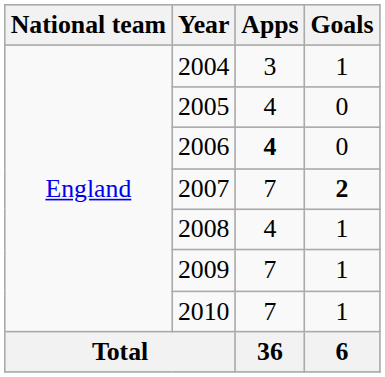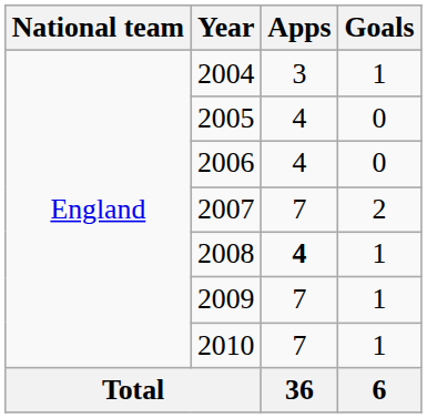 <table class="wikitable" style="text-align: center;">
 <tr>
 <th>National team</th>
 <th>Year</th>
 <th>Apps</th>
 <th>Goals</th>
 </tr>
 <tr>
 <td rowspan="7"><a href='#'>England</a></td>
 <td>2004</td>
 <td>3</td>
 <td>1</td>
 </tr>
 <tr>
 <td>2005</td>
 <td>4</td>
 <td>0</td>
 </tr>
 <tr>
 <td>2006</td>
-<td><strong>4</strong></td>
+<td>4</td>
 <td>0</td>
 </tr>
 <tr>
 <td>2007</td>
 <td>7</td>
-<td><strong>2</strong></td>
+<td>2</td>
 </tr>
 <tr>
 <td>2008</td>
-<td>4</td>
+<td><strong>4</strong></td>
 <td>1</td>
 </tr>
 <tr>
 <td>2009</td>
 <td>7</td>
 <td>1</td>
 </tr>
 <tr>
 <td>2010</td>
 <td>7</td>
 <td>1</td>
 </tr>
 <tr>
 <th colspan="2">Total</th>
 <th>36</th>
 <th>6</th>
 </tr>
 </table>
